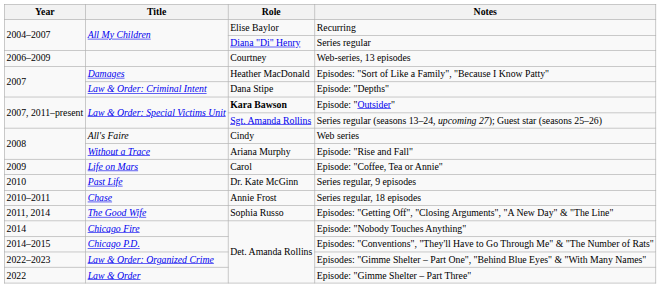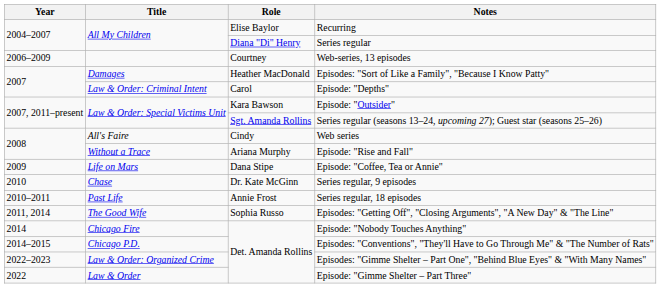 <table class="wikitable sortable">
 <tr>
 <th>Year</th>
 <th>Title</th>
 <th>Role</th>
 <th class="unsortable">Notes</th>
 </tr>
 <tr>
 <td rowspan=2>2004–2007</td>
 <td rowspan=2><em><a href='#'>All My Children</a></em></td>
 <td>Elise Baylor</td>
 <td>Recurring</td>
 </tr>
 <tr>
 <td><a href='#'>Diana "Di" Henry</a></td>
 <td>Series regular</td>
 </tr>
 <tr>
 <td>2006–2009</td>
 <td><em></em></td>
 <td>Courtney</td>
 <td>Web-series, 13 episodes</td>
 </tr>
 <tr>
 <td rowspan=2>2007</td>
 <td><em><a href='#'>Damages</a></em></td>
 <td>Heather MacDonald</td>
 <td>Episodes: "Sort of Like a Family", "Because I Know Patty"</td>
 </tr>
 <tr>
 <td><em><a href='#'>Law & Order: Criminal Intent</a></em></td>
-<td>Dana Stipe</td>
+<td>Carol</td>
 <td>Episode: "Depths"</td>
 </tr>
 <tr>
 <td rowspan=2>2007, 2011–present</td>
 <td rowspan=2><em><a href='#'>Law & Order: Special Victims Unit</a></em></td>
-<td><strong>Kara Bawson</strong></td>
+<td>Kara Bawson</td>
 <td>Episode: "<a href='#'>Outsider</a>"</td>
 </tr>
 <tr>
 <td><a href='#'>Sgt. Amanda Rollins</a></td>
 <td>Series regular (seasons 13–24, <em>upcoming 27</em>); Guest star (seasons 25–26)</td>
 </tr>
 <tr>
 <td rowspan=2>2008</td>
 <td><em>All's Faire</em></td>
 <td>Cindy</td>
 <td>Web series</td>
 </tr>
 <tr>
 <td><em><a href='#'>Without a Trace</a></em></td>
 <td>Ariana Murphy</td>
 <td>Episode: "Rise and Fall"</td>
 </tr>
 <tr>
 <td>2009</td>
 <td><em><a href='#'>Life on Mars</a></em></td>
-<td>Carol</td>
+<td>Dana Stipe</td>
 <td>Episode: "Coffee, Tea or Annie"</td>
 </tr>
 <tr>
 <td>2010</td>
-<td><em><a href='#'>Past Life</a></em></td>
+<td><em><a href='#'>Chase</a></em></td>
 <td>Dr. Kate McGinn</td>
 <td>Series regular, 9 episodes</td>
 </tr>
 <tr>
 <td>2010–2011</td>
-<td><em><a href='#'>Chase</a></em></td>
+<td><em><a href='#'>Past Life</a></em></td>
 <td>Annie Frost</td>
 <td>Series regular, 18 episodes</td>
 </tr>
 <tr>
 <td>2011, 2014</td>
 <td><em><a href='#'>The Good Wife</a></em></td>
 <td>Sophia Russo</td>
 <td>Episodes: "Getting Off", "Closing Arguments", "A New Day" & "The Line"</td>
 </tr>
 <tr>
 <td>2014</td>
 <td><em><a href='#'>Chicago Fire</a></em></td>
 <td rowspan=4>Det. Amanda Rollins</td>
 <td>Episode: "Nobody Touches Anything"</td>
 </tr>
 <tr>
 <td>2014–2015</td>
 <td><em><a href='#'>Chicago P.D.</a></em></td>
 <td>Episodes: "Conventions", "They'll Have to Go Through Me" & "The Number of Rats"</td>
 </tr>
 <tr>
 <td>2022–2023</td>
 <td><em><a href='#'>Law & Order: Organized Crime</a></em></td>
 <td>Episodes: "Gimme Shelter – Part One", "Behind Blue Eyes" & "With Many Names"</td>
 </tr>
 <tr>
 <td>2022</td>
 <td><em><a href='#'>Law & Order</a></em></td>
 <td>Episode: "Gimme Shelter – Part Three"</td>
 </tr>
 </table>
